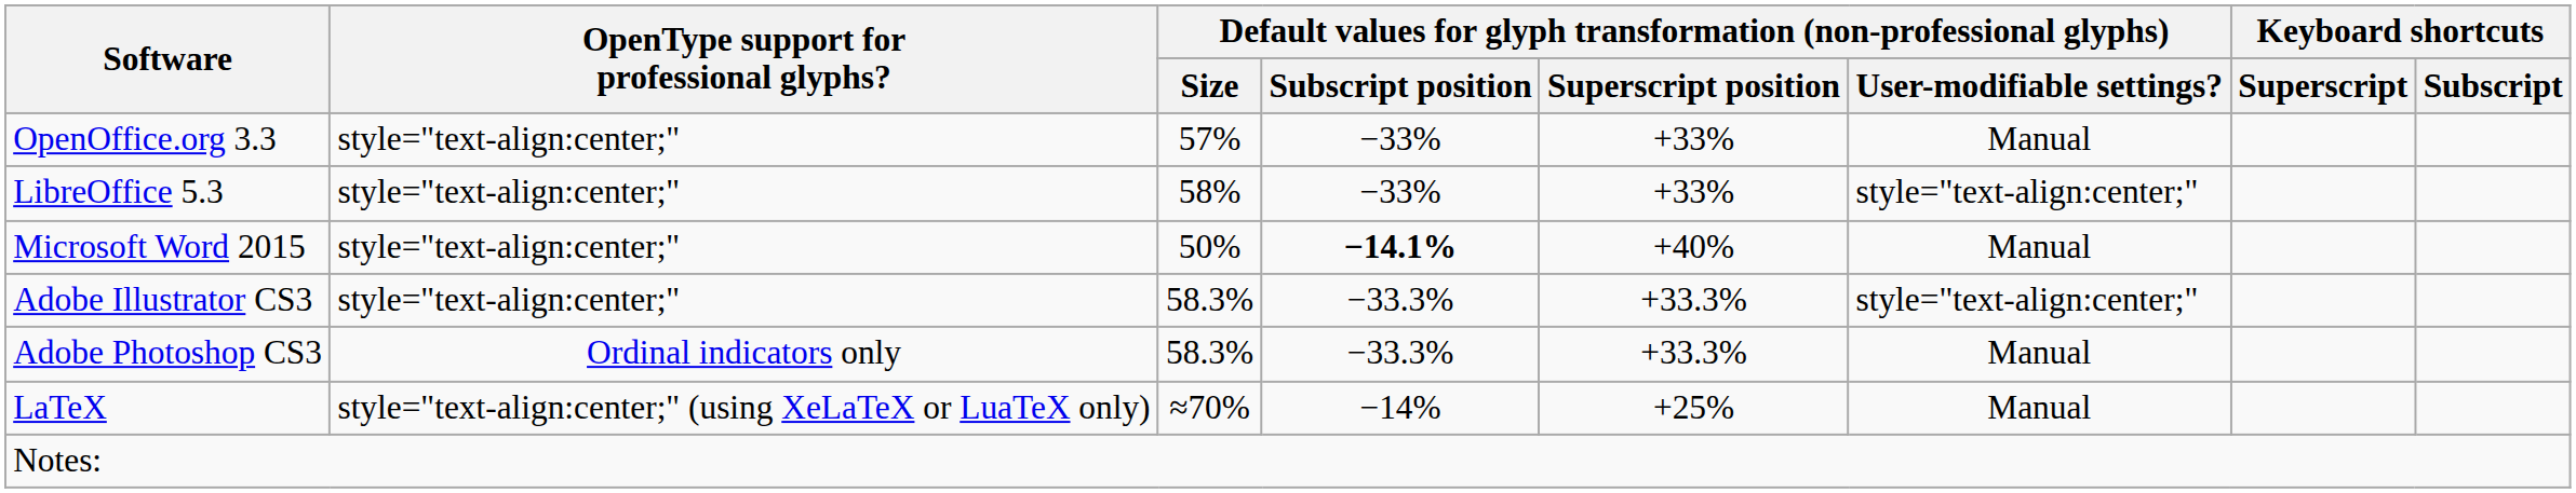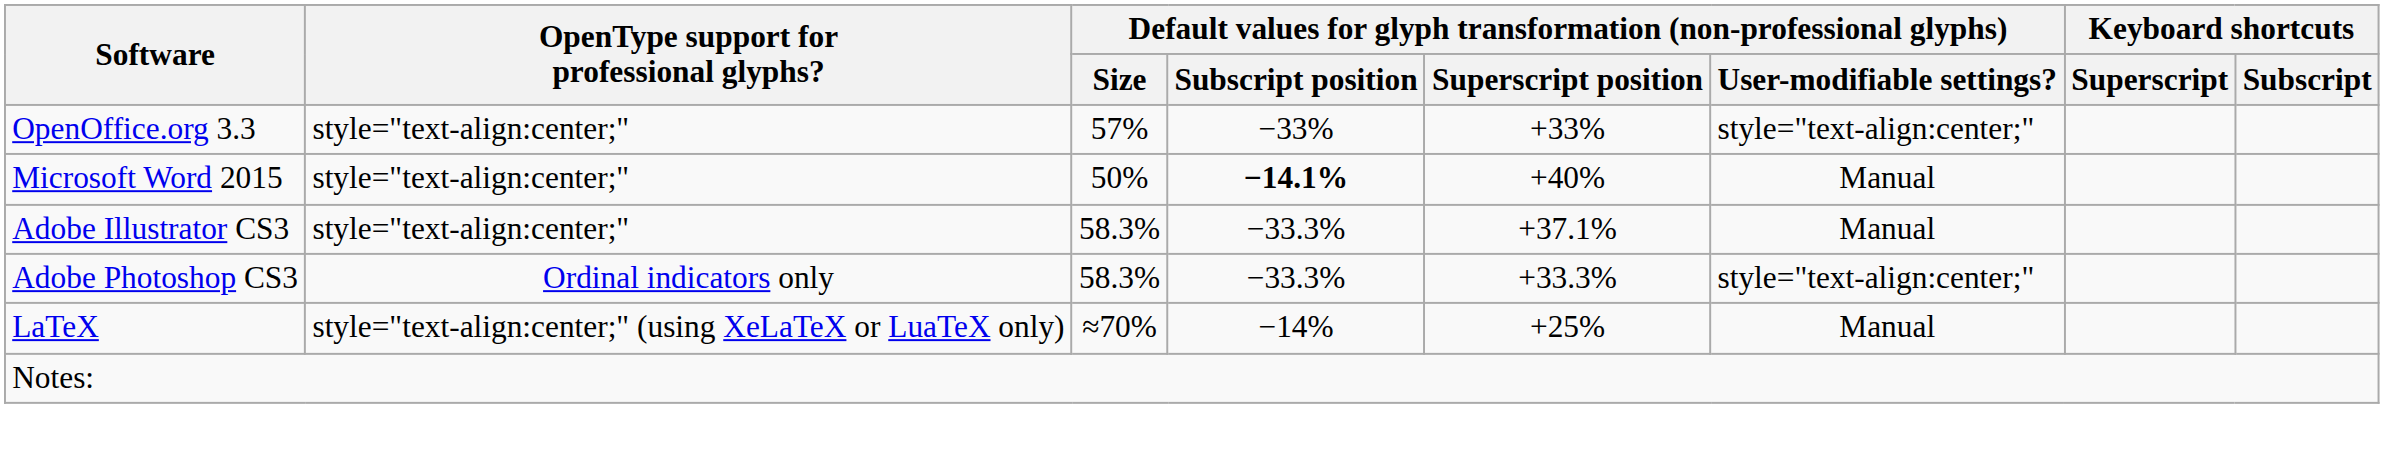 <table class="wikitable">
 <tr>
 <th rowspan="2">Software</th>
 <th rowspan="2">OpenType support for<br>professional glyphs?</th>
 <th colspan="4" style="text-align:center;">Default values for glyph transformation (non-professional glyphs)</th>
 <th colspan="2" style="text-align:center;">Keyboard shortcuts</th>
 </tr>
 <tr>
 <th>Size</th>
 <th>Subscript position </th>
 <th>Superscript position </th>
 <th>User-modifiable settings?</th>
 <th>Superscript</th>
 <th>Subscript</th>
 </tr>
 <tr>
 <td><a href='#'>OpenOffice.org</a> 3.3</td>
 <td>style="text-align:center;" </td>
 <td style="text-align:center;">57%</td>
 <td style="text-align:center;">−33%</td>
 <td style="text-align:center;">+33%</td>
-<td style="text-align:center;">Manual</td>
-<td></td>
-<td></td>
-</tr>
-<tr>
-<td><a href='#'>LibreOffice</a> 5.3</td>
-<td>style="text-align:center;" </td>
-<td style="text-align:center;">58%</td>
-<td style="text-align:center;">−33%</td>
-<td style="text-align:center;">+33%</td>
 <td>style="text-align:center;" </td>
 <td></td>
 <td></td>
 </tr>
 <tr>
 <td><a href='#'>Microsoft Word</a> 2015</td>
 <td>style="text-align:center;" </td>
 <td style="text-align:center;">50%</td>
 <td style="text-align:center;"><strong>−14.1%</strong></td>
 <td style="text-align:center;">+40%</td>
 <td style="text-align:center;">Manual</td>
 <td></td>
 <td></td>
 </tr>
 <tr>
 <td><a href='#'>Adobe Illustrator</a> CS3</td>
 <td>style="text-align:center;" </td>
 <td style="text-align:center;">58.3%</td>
 <td style="text-align:center;">−33.3%</td>
-<td style="text-align:center;">+33.3%</td>
-<td>style="text-align:center;" </td>
+<td style="text-align:center;">+37.1%</td>
+<td style="text-align:center;">Manual</td>
 <td></td>
 <td></td>
 </tr>
 <tr>
 <td><a href='#'>Adobe Photoshop</a> CS3</td>
 <td style="text-align:center;"><a href='#'>Ordinal indicators</a> only</td>
 <td style="text-align:center;">58.3%</td>
 <td style="text-align:center;">−33.3%</td>
 <td style="text-align:center;">+33.3%</td>
-<td style="text-align:center;">Manual</td>
+<td>style="text-align:center;" </td>
 <td></td>
 <td></td>
 </tr>
 <tr>
 <td><a href='#'>LaTeX</a></td>
 <td>style="text-align:center;"  (using <a href='#'>XeLaTeX</a> or <a href='#'>LuaTeX</a> only)</td>
 <td style="text-align:center;">≈70%</td>
 <td style="text-align:center;">−14%</td>
 <td style="text-align:center;">+25%</td>
 <td style="text-align:center;">Manual</td>
 <td></td>
 <td></td>
 </tr>
 <tr>
 <td colspan="8">Notes:<br></td>
 </tr>
 </table>
